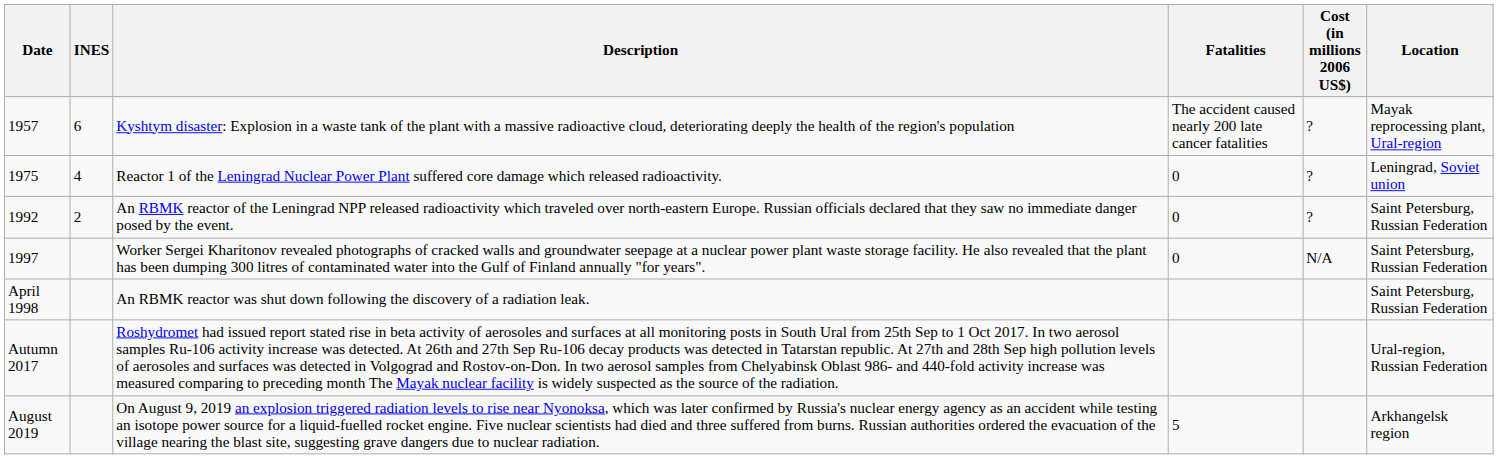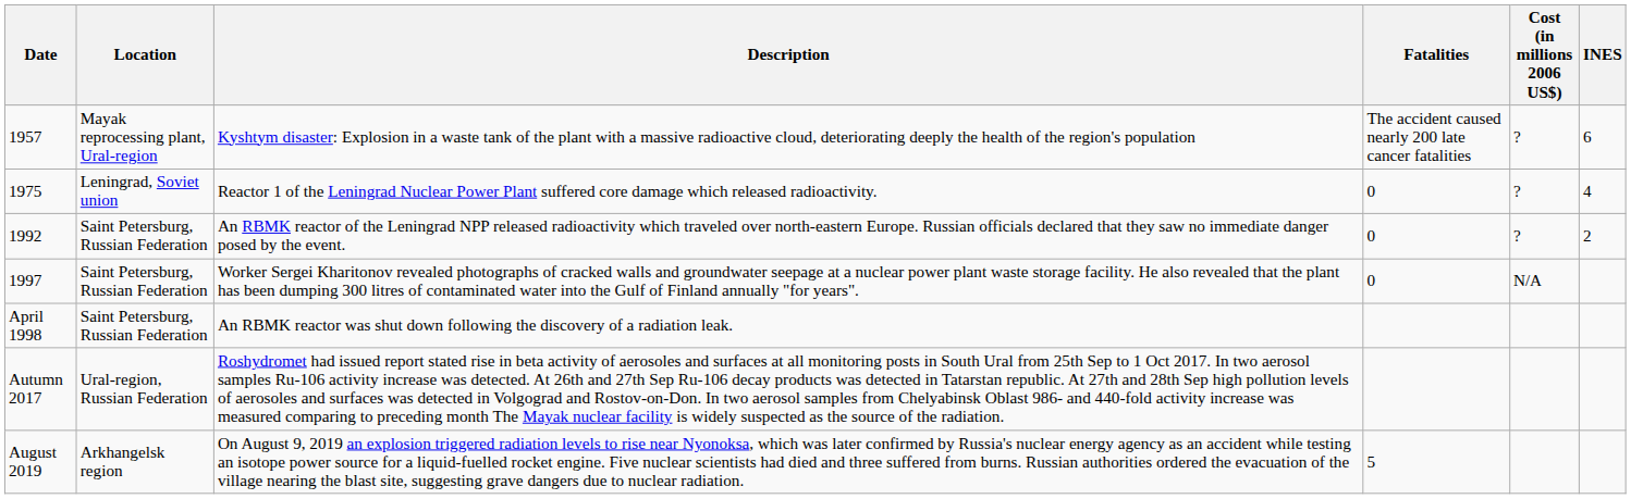 <table class="wikitable sortable">
 <tr>
 <th>Date</th>
-<th>INES</th>
+<th>Location</th>
 <th>Description</th>
 <th>Fatalities</th>
 <th>Cost <br> (in millions <br> 2006 US$)</th>
-<th>Location</th>
+<th>INES</th>
 </tr>
 <tr>
 <td>1957</td>
-<td>6</td>
+<td>Mayak reprocessing plant, <a href='#'>Ural-region</a></td>
 <td><a href='#'>Kyshtym disaster</a>: Explosion in a waste tank of the plant with a massive radioactive cloud, deteriorating deeply the health of the region's population</td>
 <td>The accident caused nearly 200 late cancer fatalities</td>
 <td>?</td>
-<td>Mayak reprocessing plant, <a href='#'>Ural-region</a></td>
+<td>6</td>
 </tr>
 <tr>
 <td>1975</td>
-<td>4</td>
+<td>Leningrad, <a href='#'>Soviet union</a></td>
 <td>Reactor 1 of the <a href='#'>Leningrad Nuclear Power Plant</a> suffered core damage which released radioactivity.</td>
 <td>0</td>
 <td>?</td>
-<td>Leningrad, <a href='#'>Soviet union</a></td>
+<td>4</td>
 </tr>
 <tr>
 <td>1992</td>
-<td>2</td>
+<td>Saint Petersburg, Russian Federation</td>
 <td>An <a href='#'>RBMK</a> reactor of the Leningrad NPP released radioactivity which traveled over north-eastern Europe. Russian officials declared that they saw no immediate danger posed by the event.</td>
 <td>0</td>
 <td>?</td>
-<td>Saint Petersburg, Russian Federation</td>
+<td>2</td>
 </tr>
 <tr>
 <td>1997</td>
-<td></td>
+<td>Saint Petersburg, Russian Federation</td>
 <td>Worker Sergei Kharitonov revealed photographs of cracked walls and groundwater seepage at a nuclear power plant waste storage facility. He also revealed that the plant has been dumping 300 litres of contaminated water into the Gulf of Finland annually "for years".</td>
 <td>0</td>
 <td>N/A</td>
-<td>Saint Petersburg, Russian Federation</td>
+<td></td>
 </tr>
 <tr>
 <td>April 1998</td>
-<td></td>
+<td>Saint Petersburg, Russian Federation</td>
 <td>An RBMK reactor was shut down following the discovery of a radiation leak.</td>
 <td></td>
 <td></td>
-<td>Saint Petersburg, Russian Federation</td>
+<td></td>
 </tr>
 <tr>
 <td>Autumn 2017</td>
-<td></td>
+<td>Ural-region, Russian Federation</td>
 <td><a href='#'>Roshydromet</a> had issued report stated rise in beta activity of aerosoles and surfaces at all monitoring posts in South Ural from 25th Sep to 1 Oct 2017. In two aerosol samples Ru-106 activity increase was detected. At 26th and 27th Sep Ru-106 decay products was detected in Tatarstan republic. At 27th and 28th Sep high pollution levels of aerosoles and surfaces was detected in Volgograd and Rostov-on-Don. In two aerosol samples from Chelyabinsk Oblast 986- and 440-fold activity increase was measured comparing to preceding month The <a href='#'>Mayak nuclear facility</a> is widely suspected as the source of the radiation.</td>
 <td></td>
 <td></td>
-<td>Ural-region, Russian Federation</td>
+<td></td>
 </tr>
 <tr>
 <td>August 2019</td>
-<td></td>
+<td>Arkhangelsk region</td>
 <td>On August 9, 2019 <a href='#'>an explosion triggered radiation levels to rise near Nyonoksa</a>, which was later confirmed by Russia's nuclear energy agency as an accident while testing an isotope power source for a liquid-fuelled rocket engine. Five nuclear scientists had died and three suffered from burns. Russian authorities ordered the evacuation of the village nearing the blast site, suggesting grave dangers due to nuclear radiation.</td>
 <td>5</td>
 <td></td>
-<td>Arkhangelsk region</td>
+<td></td>
 </tr>
 </table>
